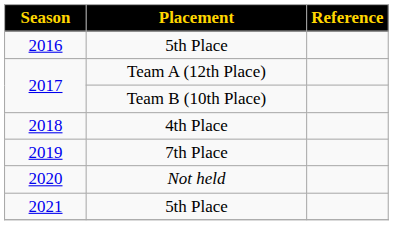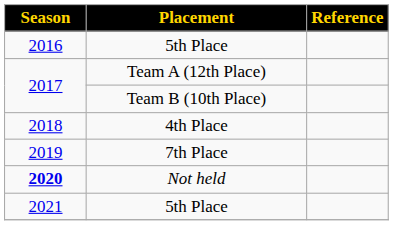 <table class="wikitable">
 <tr>
 <th width=70px  style="background: #000000; color: gold; text-align: center"><strong>Season</strong></th>
 <th width=200px style="background: #000000; color: gold; text-align: center"><strong>Placement</strong></th>
 <th width=70px style="background: #000000; color: gold; text-align: center"><strong>Reference</strong></th>
 </tr>
 <tr align=center>
 <td><a href='#'>2016</a></td>
 <td>5th Place</td>
 <td></td>
 </tr>
 <tr align=center>
 <td rowspan=2><a href='#'>2017</a></td>
 <td>Team A (12th Place)</td>
 <td></td>
 </tr>
 <tr align=center>
 <td>Team B (10th Place)</td>
 <td></td>
 </tr>
 <tr align=center>
 <td><a href='#'>2018</a></td>
 <td>4th Place</td>
 <td></td>
 </tr>
 <tr align=center>
 <td><a href='#'>2019</a></td>
 <td>7th Place</td>
 <td></td>
 </tr>
 <tr align=center>
-<td><a href='#'>2020</a></td>
+<td><strong><a href='#'>2020</a></strong></td>
 <td><em>Not held</em></td>
 <td></td>
 </tr>
 <tr align=center>
 <td><a href='#'>2021</a></td>
 <td>5th Place</td>
 <td></td>
 </tr>
 <tr align=center>
 </tr>
 </table>
